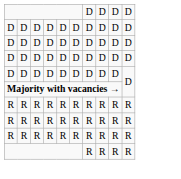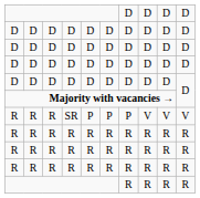 <table class="wikitable" style="text-align:center">
 <tr>
 <td colspan=6></td>
 <td>D</td>
 <td>D</td>
 <td>D</td>
 <td>D</td>
 </tr>
 <tr>
 <td width=10% >D</td>
 <td width=10% >D</td>
 <td width=10% >D</td>
 <td width=10% >D</td>
 <td width=10% >D</td>
 <td width=10% >D</td>
 <td width=10% >D</td>
 <td width=10% >D</td>
 <td width=10% >D</td>
 <td width=10% >D</td>
 </tr>
 <tr>
 <td>D</td>
 <td>D</td>
 <td>D</td>
 <td>D</td>
 <td>D</td>
 <td>D</td>
 <td>D</td>
 <td>D</td>
 <td>D</td>
 <td>D</td>
 </tr>
 <tr>
 <td>D</td>
 <td>D</td>
 <td>D</td>
 <td>D</td>
 <td>D</td>
 <td>D</td>
 <td>D</td>
 <td>D</td>
 <td>D</td>
 <td>D</td>
 </tr>
 <tr>
 <td>D</td>
 <td>D</td>
 <td>D</td>
 <td>D</td>
 <td>D</td>
 <td>D</td>
 <td>D</td>
 <td>D</td>
 <td>D</td>
 <td rowspan=2 >D<br></td>
 </tr>
 <tr>
 <td colspan=9 align=right><strong>Majority with vacancies →</strong></td>
 </tr>
 <tr>
 <td>R</td>
 <td>R</td>
 <td>R</td>
+<td>SR</td>
+<td>P</td>
+<td>P</td>
+<td>P</td>
+<td>V</td>
+<td>V</td>
+<td>V</td>
+</tr>
+<tr>
+<td>R</td>
+<td>R</td>
+<td>R</td>
 <td>R</td>
 <td>R</td>
 <td>R</td>
 <td>R</td>
 <td>R</td>
 <td>R</td>
 <td>R</td>
 </tr>
 <tr>
 <td>R</td>
 <td>R</td>
 <td>R</td>
 <td>R</td>
 <td>R</td>
 <td>R</td>
 <td>R</td>
 <td>R</td>
 <td>R</td>
 <td>R</td>
 </tr>
 <tr>
 <td>R</td>
 <td>R</td>
 <td>R</td>
 <td>R</td>
 <td>R</td>
 <td>R</td>
 <td>R</td>
 <td>R</td>
 <td>R</td>
 <td>R</td>
 </tr>
 <tr>
 <td colspan=6></td>
 <td>R</td>
 <td>R</td>
 <td>R</td>
 <td>R</td>
 </tr>
 </table>
